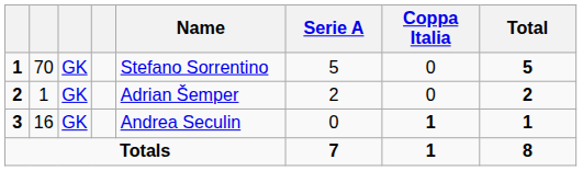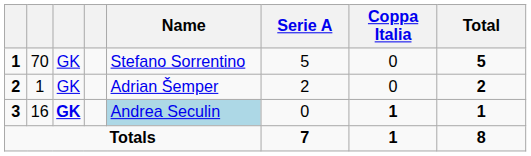 <table class="wikitable" style="text-align:center">
 <tr>
 <th width=15></th>
 <th width=15></th>
 <th width=15></th>
 <th width=15></th>
 <th width=145>Name</th>
 <th width=80><strong><a href='#'>Serie A</a></strong></th>
 <th width=80><strong><a href='#'>Coppa Italia</a></strong></th>
 <th width=80>Total</th>
 </tr>
 <tr>
 <td><strong>1</strong></td>
 <td>70</td>
 <td><a href='#'>GK</a></td>
 <td></td>
 <td align=left><a href='#'>Stefano Sorrentino</a></td>
 <td>5</td>
 <td>0</td>
 <td><strong>5</strong></td>
 </tr>
 <tr>
 <td><strong>2</strong></td>
 <td>1</td>
 <td><a href='#'>GK</a></td>
 <td></td>
 <td align=left><a href='#'>Adrian Šemper</a></td>
 <td>2</td>
 <td>0</td>
 <td><strong>2</strong></td>
 </tr>
 <tr>
 <td><strong>3</strong></td>
 <td>16</td>
-<td><a href='#'>GK</a></td>
+<td><strong><a href='#'>GK</a></strong></td>
 <td></td>
-<td align=left><a href='#'>Andrea Seculin</a></td>
+<td align=left style="background: lightblue;"><a href='#'>Andrea Seculin</a></td>
 <td>0</td>
 <td><strong>1</strong></td>
 <td><strong>1</strong></td>
 </tr>
 <tr>
 <td colspan=5><strong>Totals</strong></td>
 <td><strong>7</strong></td>
 <td><strong>1</strong></td>
 <td><strong>8</strong></td>
 </tr>
 </table>
